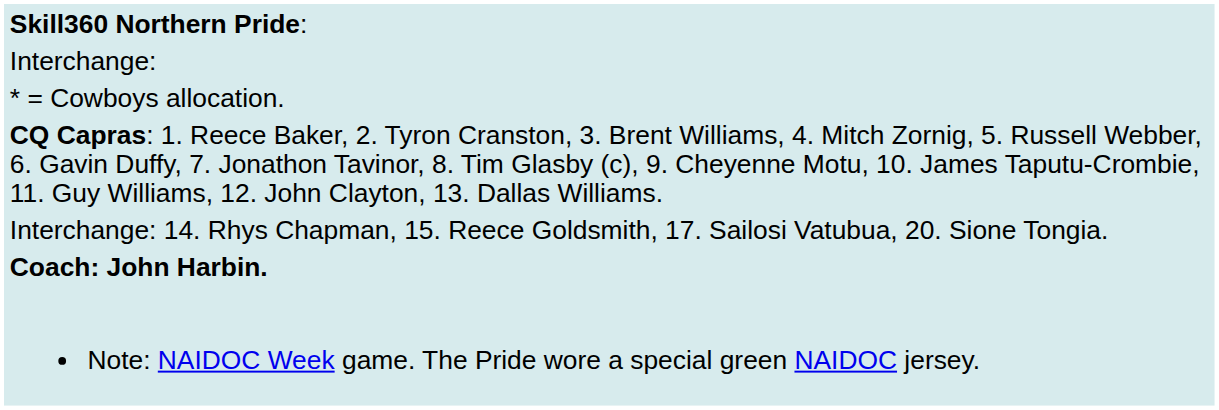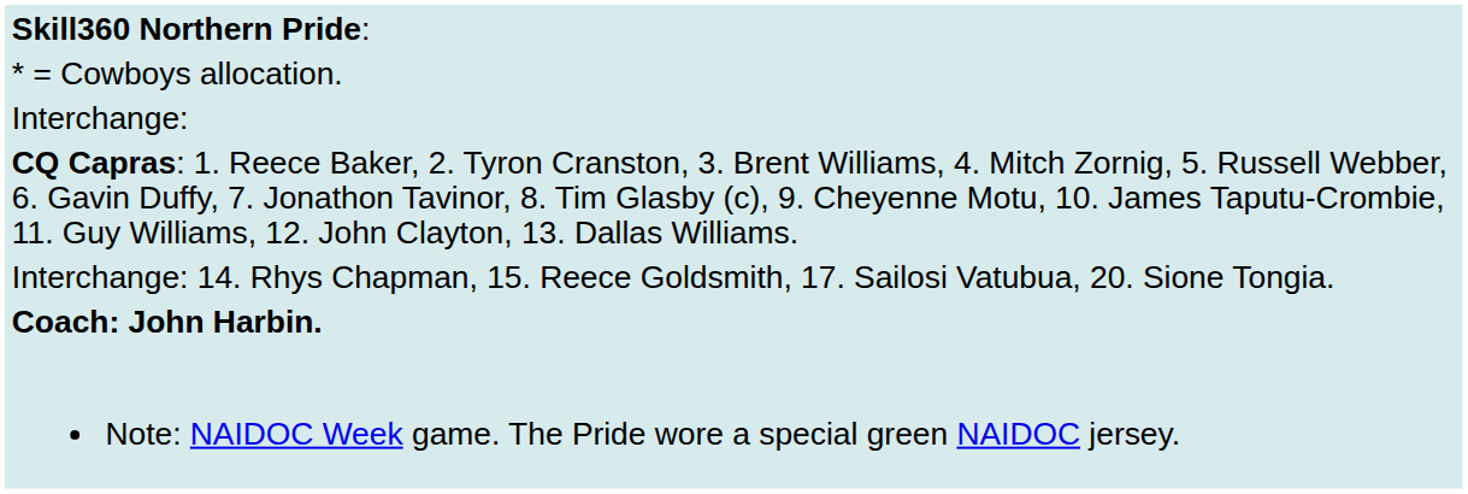 <table style="background:#d7ebed; font-size:85%; width:100%;">
 <tr>
 <td><strong>Skill360 Northern Pride</strong>:             </td>
 </tr>
 <tr>
-<td>Interchange:    </td>
+<td>* = Cowboys allocation.</td>
 </tr>
 <tr>
-<td>* = Cowboys allocation.</td>
+<td>Interchange:    </td>
 </tr>
 <tr>
 <td><strong>CQ Capras</strong>: 1. Reece Baker, 2. Tyron Cranston, 3. Brent Williams, 4. Mitch Zornig, 5. Russell Webber, 6. Gavin Duffy, 7. Jonathon Tavinor, 8. Tim Glasby (c), 9. Cheyenne Motu, 10. James Taputu-Crombie, 11. Guy Williams, 12. John Clayton, 13. Dallas Williams.</td>
 </tr>
 <tr>
 <td>Interchange: 14. Rhys Chapman, 15. Reece Goldsmith, 17. Sailosi Vatubua, 20. Sione Tongia.</td>
 </tr>
 <tr>
 <td><strong>Coach: John Harbin.</strong></td>
 </tr>
 <tr>
 <td><br><ul><li>Note: <a href='#'>NAIDOC Week</a> game. The Pride wore a special green <a href='#'>NAIDOC</a> jersey.</li></ul></td>
 </tr>
 </table>
